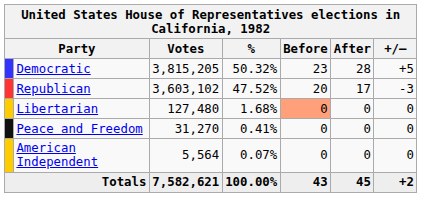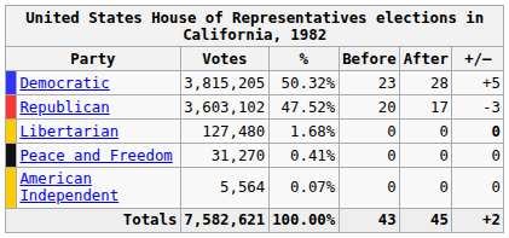 <table class="wikitable" style="font-size: 95%;">
 <tr>
 <th colspan="7">United States House of Representatives elections in California, 1982</th>
 </tr>
 <tr>
 <th colspan=2 style="width: 5em">Party</th>
 <th style="width: 5em">Votes</th>
 <th style="width: 3em">%</th>
 <th style="width: 3em">Before</th>
 <th style="width: 3em">After</th>
 <th style="width: 3em">+/–</th>
 </tr>
 <tr>
 </tr>
 <tr>
 <th style="background-color:#3333FF; width: 3px"></th>
 <td style="width: 130px"><a href='#'>Democratic</a></td>
 <td align="right">3,815,205</td>
 <td align="right">50.32%</td>
 <td align="right">23</td>
 <td align="right">28</td>
 <td align="right">+5</td>
 </tr>
 <tr>
 <th style="background-color:#FF3333; width: 3px"></th>
 <td style="width: 130px"><a href='#'>Republican</a></td>
 <td align="right">3,603,102</td>
 <td align="right">47.52%</td>
 <td align="right">20</td>
 <td align="right">17</td>
 <td align="right">-3</td>
 </tr>
 <tr>
 <th style="background-color:#FFCC00; width: 3px"></th>
 <td style="width: 130px"><a href='#'>Libertarian</a></td>
 <td align="right">127,480</td>
 <td align="right">1.68%</td>
-<td align="right" style="background: lightsalmon;">0</td>
 <td align="right">0</td>
 <td align="right">0</td>
+<td align="right"><strong>0</strong></td>
 </tr>
 <tr>
 <th style="background-color:#111111; width: 3px"></th>
 <td style="width: 130px"><a href='#'>Peace and Freedom</a></td>
 <td align="right">31,270</td>
 <td align="right">0.41%</td>
 <td align="right">0</td>
 <td align="right">0</td>
 <td align="right">0</td>
 </tr>
 <tr>
 <th style="background-color:#FFCC00; width: 3px"></th>
 <td style="width: 130px"><a href='#'>American Independent</a></td>
 <td align="right">5,564</td>
 <td align="right">0.07%</td>
 <td align="right">0</td>
 <td align="right">0</td>
 <td align="right">0</td>
 </tr>
 <tr bgcolor="#EEEEEE">
 <td colspan="2" align="right"><strong>Totals</strong></td>
 <td align="right"><strong>7,582,621</strong></td>
 <td align="right"><strong>100.00%</strong></td>
 <td align="right"><strong>43</strong></td>
 <td align="right"><strong>45</strong></td>
 <td align="right"><strong>+2</strong></td>
 </tr>
 </table>
